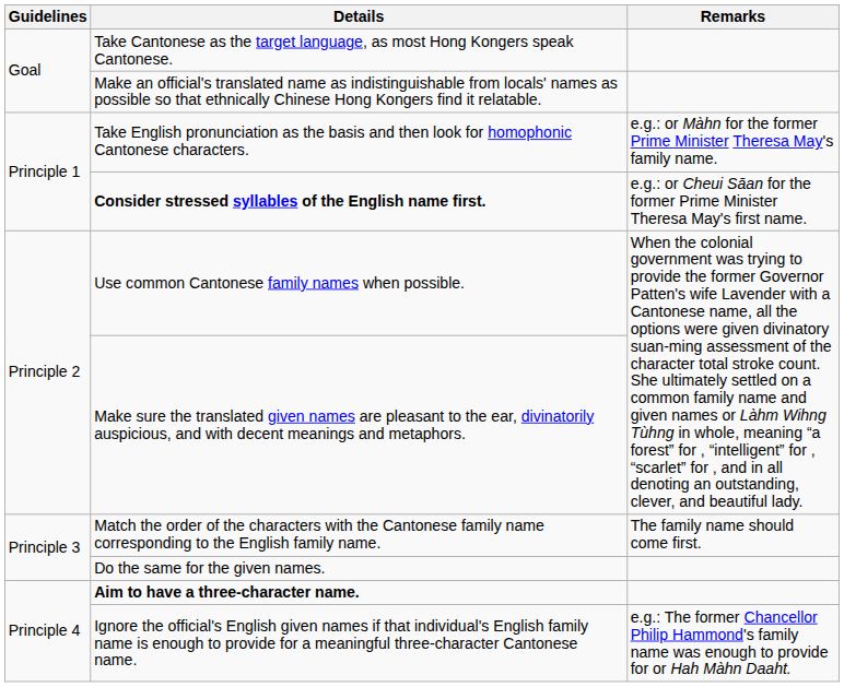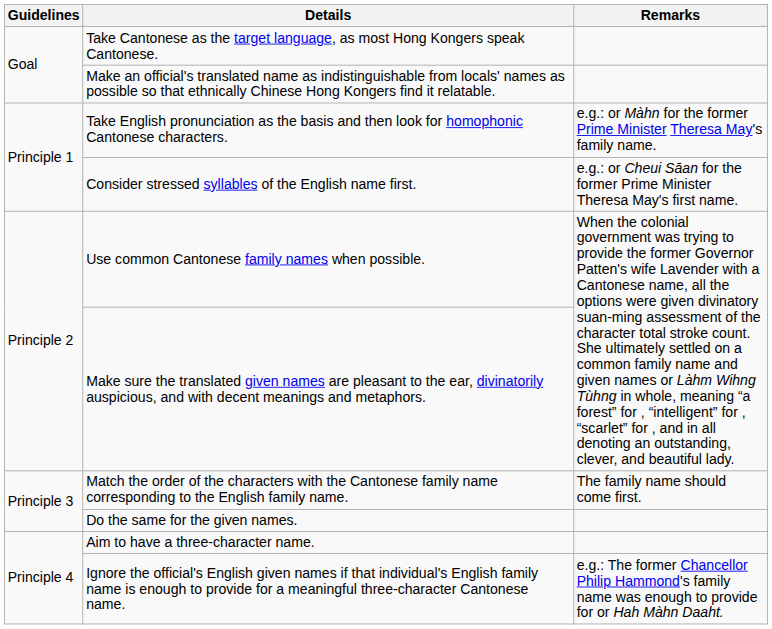 <table class="wikitable">
 <tr>
 <th>Guidelines</th>
 <th width=550px>Details</th>
 <th>Remarks</th>
 </tr>
 <tr>
 <td rowspan="2">Goal</td>
 <td>Take Cantonese as the <a href='#'>target language</a>, as most Hong Kongers speak Cantonese.</td>
 <td></td>
 </tr>
 <tr>
 <td>Make an official's translated name as indistinguishable from locals' names as possible so that ethnically Chinese Hong Kongers find it relatable.</td>
 <td></td>
 </tr>
 <tr>
 <td rowspan="2">Principle 1</td>
 <td>Take English pronunciation as the basis and then look for <a href='#'>homophonic</a> Cantonese characters.</td>
 <td>e.g.:  or <em>Màhn</em> for the former <a href='#'>Prime Minister</a> <a href='#'>Theresa May</a>'s family name.</td>
 </tr>
 <tr>
-<td><strong>Consider stressed <a href='#'>syllables</a> of the English name first.</strong></td>
+<td>Consider stressed <a href='#'>syllables</a> of the English name first.</td>
 <td>e.g.:  or <em>Cheui Sāan</em> for the former Prime Minister Theresa May's first name.</td>
 </tr>
 <tr>
 <td rowspan="2">Principle 2</td>
 <td>Use common Cantonese <a href='#'>family names</a> when possible.</td>
 <td rowspan="2">When the colonial government was trying to provide the former Governor Patten's wife Lavender with a Cantonese name, all the options were given divinatory suan-ming assessment of the character total stroke count. She ultimately settled on a common family name  and given names  or <em>Làhm Wihng Tùhng</em> in whole, meaning “a forest” for , “intelligent” for , “scarlet” for , and in all denoting an outstanding, clever, and beautiful lady.</td>
 </tr>
 <tr>
 <td>Make sure the translated <a href='#'>given names</a> are pleasant to the ear, <a href='#'>divinatorily</a> auspicious, and with decent meanings and metaphors.</td>
 </tr>
 <tr>
 <td rowspan="2">Principle 3</td>
 <td>Match the order of the characters with the Cantonese family name corresponding to the English family name.</td>
 <td>The family name should come first.</td>
 </tr>
 <tr>
 <td>Do the same for the given names.</td>
 <td></td>
 </tr>
 <tr>
 <td rowspan="2">Principle 4</td>
-<td><strong>Aim to have a three-character name.</strong></td>
+<td>Aim to have a three-character name.</td>
 <td></td>
 </tr>
 <tr>
 <td>Ignore the official's English given names if that individual's English family name is enough to provide for a meaningful three-character Cantonese name.</td>
 <td>e.g.: The former <a href='#'>Chancellor</a> <a href='#'>Philip Hammond</a>'s family name was enough to provide for  or <em>Hah Màhn Daaht.</em></td>
 </tr>
 </table>
